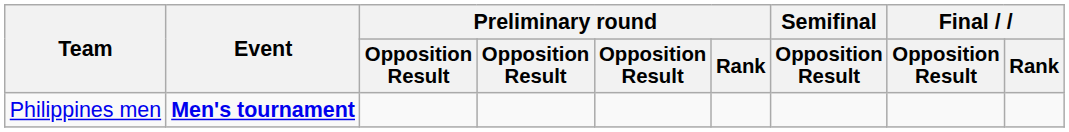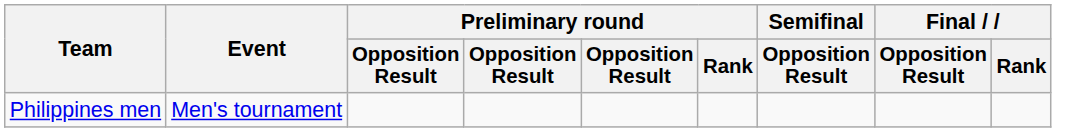 <table class=wikitable style=font-size:90%>
 <tr>
 <th rowspan=2>Team</th>
 <th rowspan=2>Event</th>
 <th colspan=4>Preliminary round</th>
 <th>Semifinal</th>
 <th colspan=2>Final /  / </th>
 </tr>
 <tr style=font-size:95%>
 <th>Opposition<br>Result</th>
 <th>Opposition<br>Result</th>
 <th>Opposition<br>Result</th>
 <th>Rank</th>
 <th>Opposition<br>Result</th>
 <th>Opposition<br>Result</th>
 <th>Rank</th>
 </tr>
 <tr align=center>
 <td align=left><a href='#'>Philippines men</a></td>
-<td align=left><strong><a href='#'>Men's tournament</a></strong></td>
+<td align=left><a href='#'>Men's tournament</a></td>
 <td></td>
 <td></td>
 <td></td>
 <td></td>
 <td></td>
 <td></td>
 <td></td>
 </tr>
 </table>
